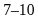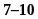 <table style="text-align:center">
 <tr>
 <th width=200></th>
 <th width=100></th>
 <th width=200></th>
 </tr>
 <tr>
 <td align=right></td>
-<td>7–10</td>
+<td><strong>7–10</strong></td>
 <td align=left><strong></strong></td>
 </tr>
 </table>
